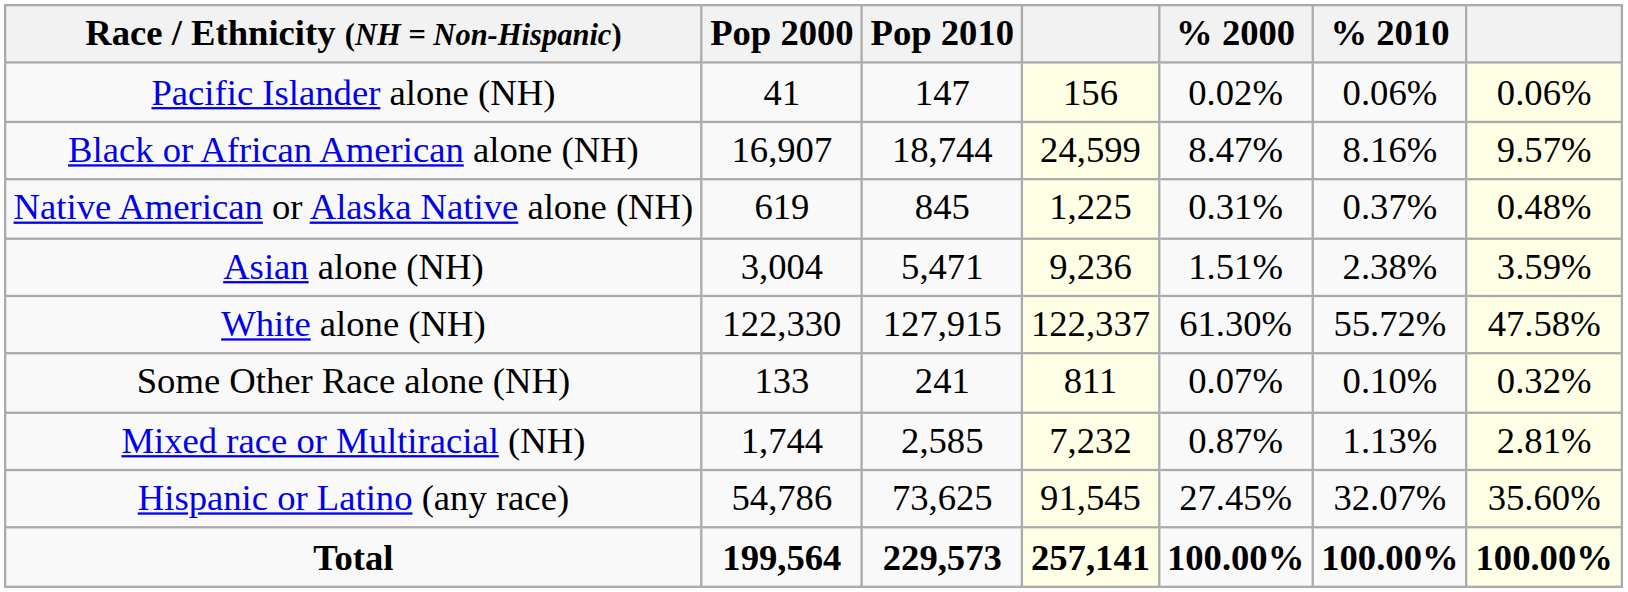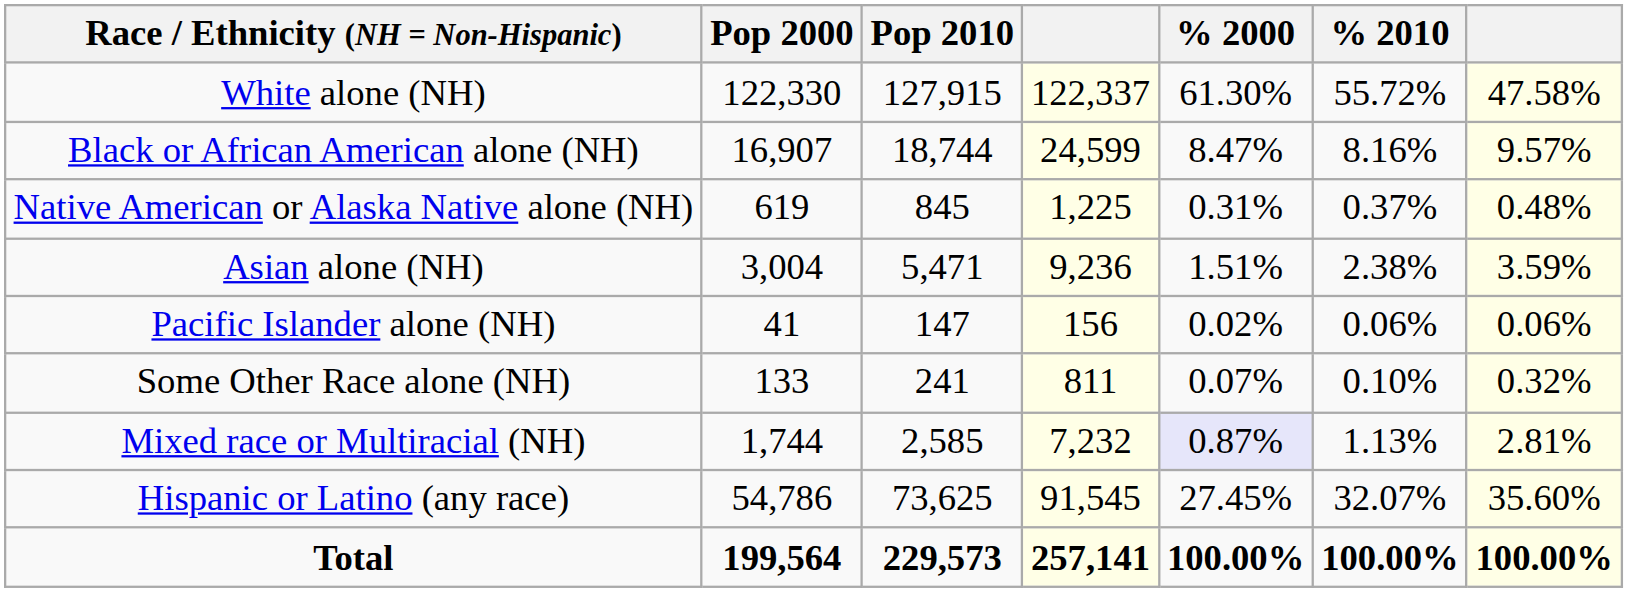 <table class="wikitable" style="text-align:center;">
 <tr>
 <th>Race / Ethnicity <small>(<em>NH = Non-Hispanic</em>)</small></th>
 <th>Pop 2000</th>
 <th>Pop 2010</th>
 <th></th>
 <th>% 2000</th>
 <th>% 2010</th>
 <th></th>
 </tr>
 <tr>
-<td><a href='#'>Pacific Islander</a> alone (NH)</td>
-<td>41</td>
-<td>147</td>
-<td style='background: #ffffe6;'>156</td>
-<td>0.02%</td>
-<td>0.06%</td>
-<td style='background: #ffffe6;'>0.06%</td>
+<td><a href='#'>White</a> alone (NH)</td>
+<td>122,330</td>
+<td>127,915</td>
+<td style='background: #ffffe6;'>122,337</td>
+<td>61.30%</td>
+<td>55.72%</td>
+<td style='background: #ffffe6;'>47.58%</td>
 </tr>
 <tr>
 <td><a href='#'>Black or African American</a> alone (NH)</td>
 <td>16,907</td>
 <td>18,744</td>
 <td style='background: #ffffe6;'>24,599</td>
 <td>8.47%</td>
 <td>8.16%</td>
 <td style='background: #ffffe6;'>9.57%</td>
 </tr>
 <tr>
 <td><a href='#'>Native American</a> or <a href='#'>Alaska Native</a> alone (NH)</td>
 <td>619</td>
 <td>845</td>
 <td style='background: #ffffe6;'>1,225</td>
 <td>0.31%</td>
 <td>0.37%</td>
 <td style='background: #ffffe6;'>0.48%</td>
 </tr>
 <tr>
 <td><a href='#'>Asian</a> alone (NH)</td>
 <td>3,004</td>
 <td>5,471</td>
 <td style='background: #ffffe6;'>9,236</td>
 <td>1.51%</td>
 <td>2.38%</td>
 <td style='background: #ffffe6;'>3.59%</td>
 </tr>
 <tr>
-<td><a href='#'>White</a> alone (NH)</td>
-<td>122,330</td>
-<td>127,915</td>
-<td style='background: #ffffe6;'>122,337</td>
-<td>61.30%</td>
-<td>55.72%</td>
-<td style='background: #ffffe6;'>47.58%</td>
+<td><a href='#'>Pacific Islander</a> alone (NH)</td>
+<td>41</td>
+<td>147</td>
+<td style='background: #ffffe6;'>156</td>
+<td>0.02%</td>
+<td>0.06%</td>
+<td style='background: #ffffe6;'>0.06%</td>
 </tr>
 <tr>
 <td>Some Other Race alone (NH)</td>
 <td>133</td>
 <td>241</td>
 <td style='background: #ffffe6;'>811</td>
 <td>0.07%</td>
 <td>0.10%</td>
 <td style='background: #ffffe6;'>0.32%</td>
 </tr>
 <tr>
 <td><a href='#'>Mixed race or Multiracial</a> (NH)</td>
 <td>1,744</td>
 <td>2,585</td>
 <td style='background: #ffffe6;'>7,232</td>
-<td>0.87%</td>
+<td style="background: lavender;">0.87%</td>
 <td>1.13%</td>
 <td style='background: #ffffe6;'>2.81%</td>
 </tr>
 <tr>
 <td><a href='#'>Hispanic or Latino</a> (any race)</td>
 <td>54,786</td>
 <td>73,625</td>
 <td style='background: #ffffe6;'>91,545</td>
 <td>27.45%</td>
 <td>32.07%</td>
 <td style='background: #ffffe6;'>35.60%</td>
 </tr>
 <tr>
 <td><strong>Total</strong></td>
 <td><strong>199,564</strong></td>
 <td><strong>229,573</strong></td>
 <td style='background: #ffffe6;'><strong>257,141</strong></td>
 <td><strong>100.00%</strong></td>
 <td><strong>100.00%</strong></td>
 <td style='background: #ffffe6;'><strong>100.00%</strong></td>
 </tr>
 </table>
